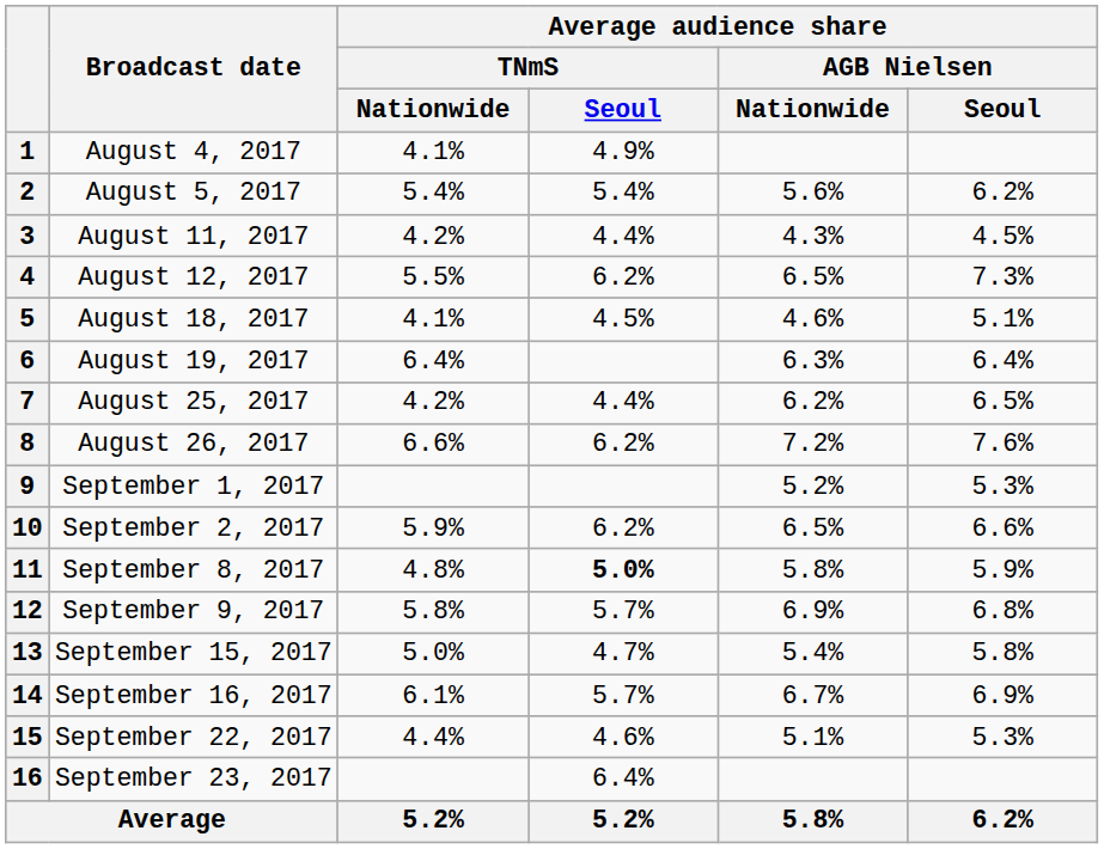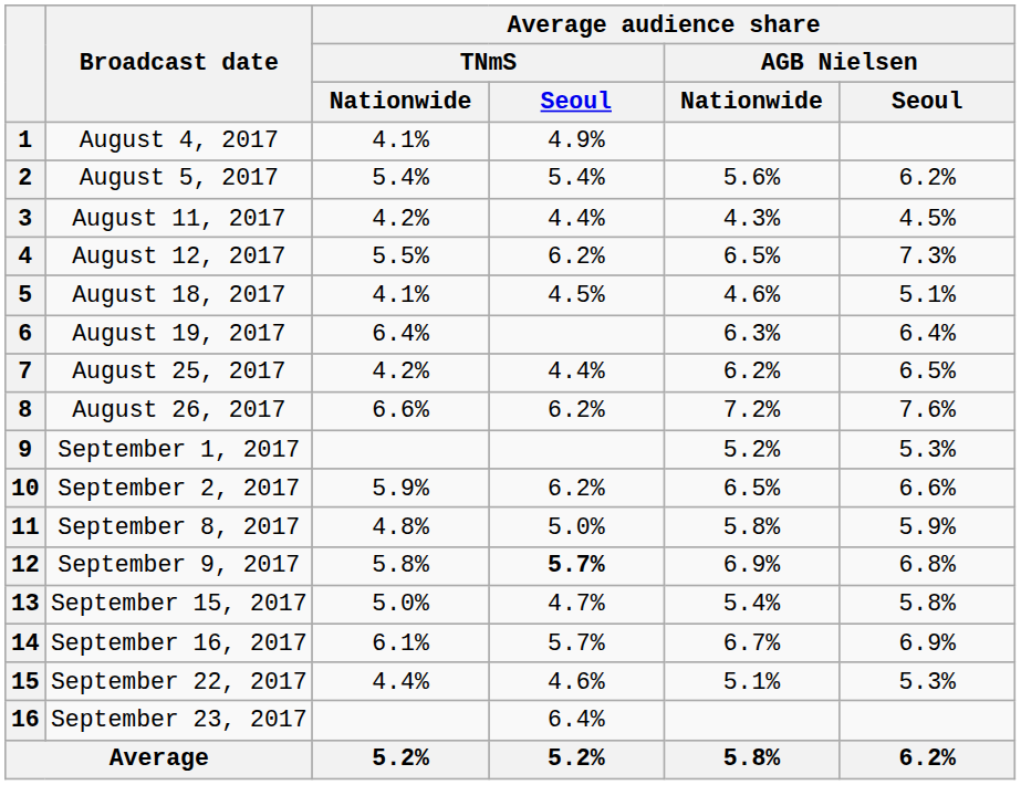 <table class="wikitable" style="text-align:center;">
 <tr>
 <th rowspan="3"></th>
 <th rowspan="3">Broadcast date</th>
 <th colspan="4">Average audience share</th>
 </tr>
 <tr>
 <th colspan="2">TNmS</th>
 <th colspan="2">AGB Nielsen</th>
 </tr>
 <tr>
 <th width="90">Nationwide</th>
 <th width="90"><a href='#'>Seoul</a></th>
 <th width="90">Nationwide</th>
 <th width="90">Seoul</th>
 </tr>
 <tr>
 <th>1</th>
 <td>August 4, 2017</td>
 <td>4.1% </td>
 <td>4.9% </td>
 <td> </td>
 <td> </td>
 </tr>
 <tr>
 <th>2</th>
 <td>August 5, 2017</td>
 <td>5.4% </td>
 <td>5.4% </td>
 <td>5.6% </td>
 <td>6.2% </td>
 </tr>
 <tr>
 <th>3</th>
 <td>August 11, 2017</td>
 <td>4.2% </td>
 <td>4.4% </td>
 <td>4.3% </td>
 <td>4.5% </td>
 </tr>
 <tr>
 <th>4</th>
 <td>August 12, 2017</td>
 <td>5.5% </td>
 <td>6.2% </td>
 <td>6.5% </td>
 <td>7.3% </td>
 </tr>
 <tr>
 <th>5</th>
 <td>August 18, 2017</td>
 <td>4.1% </td>
 <td>4.5% </td>
 <td>4.6% </td>
 <td>5.1% </td>
 </tr>
 <tr>
 <th>6</th>
 <td>August 19, 2017</td>
 <td>6.4% </td>
 <td> </td>
 <td>6.3% </td>
 <td>6.4% </td>
 </tr>
 <tr>
 <th>7</th>
 <td>August 25, 2017</td>
 <td>4.2% </td>
 <td>4.4% </td>
 <td>6.2% </td>
 <td>6.5% </td>
 </tr>
 <tr>
 <th>8</th>
 <td>August 26, 2017</td>
 <td>6.6% </td>
 <td>6.2% </td>
 <td>7.2% </td>
 <td>7.6% </td>
 </tr>
 <tr>
 <th>9</th>
 <td>September 1, 2017</td>
 <td> </td>
 <td> </td>
 <td>5.2% </td>
 <td>5.3% </td>
 </tr>
 <tr>
 <th>10</th>
 <td>September 2, 2017</td>
 <td>5.9% </td>
 <td>6.2% </td>
 <td>6.5% </td>
 <td>6.6% </td>
 </tr>
 <tr>
 <th>11</th>
 <td>September 8, 2017</td>
 <td>4.8% </td>
-<td><strong>5.0% </strong></td>
+<td>5.0% </td>
 <td>5.8% </td>
 <td>5.9% </td>
 </tr>
 <tr>
 <th>12</th>
 <td>September 9, 2017</td>
 <td>5.8% </td>
-<td>5.7% </td>
+<td><strong>5.7% </strong></td>
 <td>6.9% </td>
 <td>6.8% </td>
 </tr>
 <tr>
 <th>13</th>
 <td>September 15, 2017</td>
 <td>5.0% </td>
 <td>4.7% </td>
 <td>5.4% </td>
 <td>5.8% </td>
 </tr>
 <tr>
 <th>14</th>
 <td>September 16, 2017</td>
 <td>6.1% </td>
 <td>5.7% </td>
 <td>6.7% </td>
 <td>6.9% </td>
 </tr>
 <tr>
 <th>15</th>
 <td>September 22, 2017</td>
 <td>4.4% </td>
 <td>4.6% </td>
 <td>5.1% </td>
 <td>5.3% </td>
 </tr>
 <tr>
 <th>16</th>
 <td>September 23, 2017</td>
 <td> </td>
 <td>6.4% </td>
 <td> </td>
 <td> </td>
 </tr>
 <tr>
 <th colspan="2">Average</th>
 <th><strong><span>5.2%</span></strong></th>
 <th><strong><span>5.2%</span></strong></th>
 <th><strong><span>5.8%</span></strong></th>
 <th><strong><span>6.2%</span></strong></th>
 </tr>
 </table>
